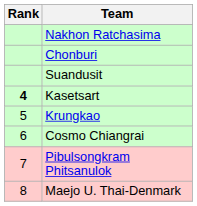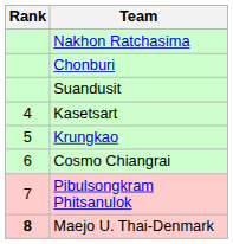 <table class="wikitable" style="text-align: center;">
 <tr>
 <th width=40>Rank</th>
 <th width=180>Team</th>
 </tr>
 <tr bgcolor=#CCFFCC>
 <td></td>
 <td align="left"><a href='#'>Nakhon Ratchasima</a></td>
 </tr>
 <tr bgcolor=#CCFFCC>
 <td></td>
 <td align="left"><a href='#'>Chonburi</a></td>
 </tr>
 <tr bgcolor=#CCFFCC>
 <td></td>
 <td align="left">Suandusit</td>
 </tr>
 <tr bgcolor=#CCFFCC>
-<td><strong>4</strong></td>
+<td>4</td>
 <td align="left">Kasetsart</td>
 </tr>
 <tr bgcolor=#CCFFCC>
 <td>5</td>
 <td align="left"><a href='#'>Krungkao</a></td>
 </tr>
 <tr bgcolor=#CCFFCC>
 <td>6</td>
 <td align="left">Cosmo Chiangrai</td>
 </tr>
 <tr bgcolor=ffcccc>
 <td>7</td>
 <td align="left"><a href='#'>Pibulsongkram Phitsanulok</a></td>
 </tr>
 <tr bgcolor=ffcccc>
-<td>8</td>
+<td><strong>8</strong></td>
 <td align="left">Maejo U. Thai-Denmark</td>
 </tr>
 </table>
